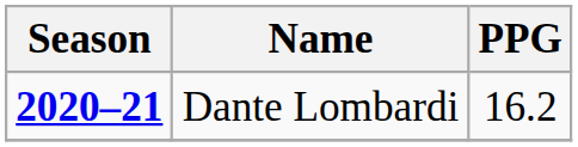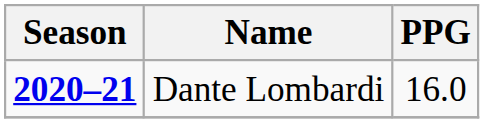 <table class="wikitable">
 <tr>
 <th>Season</th>
 <th>Name</th>
 <th>PPG</th>
 </tr>
 <tr>
 <td><strong><a href='#'>2020–21</a></strong></td>
 <td> Dante Lombardi</td>
-<td style="text-align:center;">16.2</td>
+<td style="text-align:center;">16.0</td>
 </tr>
 <tr>
 </tr>
 </table>
